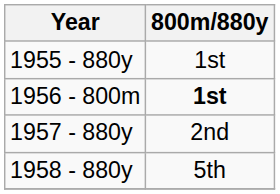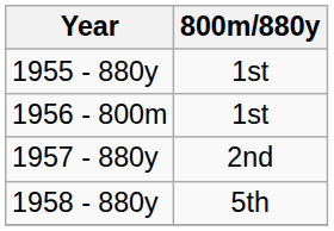 <table class=wikitable>
 <tr>
 <th>Year</th>
 <th>800m/880y</th>
 </tr>
 <tr>
 <td>1955 - 880y</td>
 <td align="center">1st</td>
 </tr>
 <tr>
 <td>1956 - 800m</td>
-<td align="center"><strong>1st</strong></td>
+<td align="center">1st</td>
 </tr>
 <tr>
 <td>1957 - 880y</td>
 <td align="center">2nd</td>
 </tr>
 <tr>
 <td>1958 - 880y</td>
 <td align="center">5th</td>
 </tr>
 <tr>
 </tr>
 </table>
